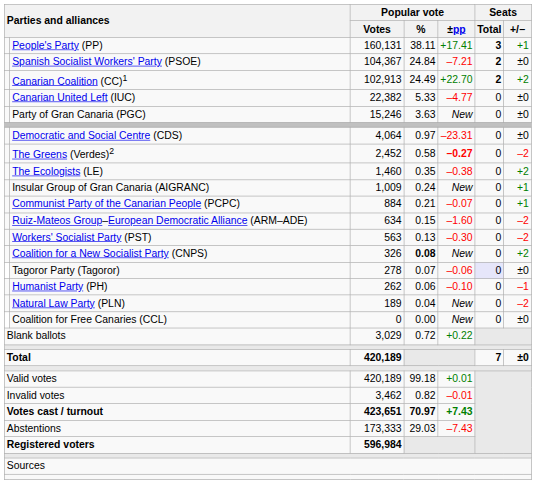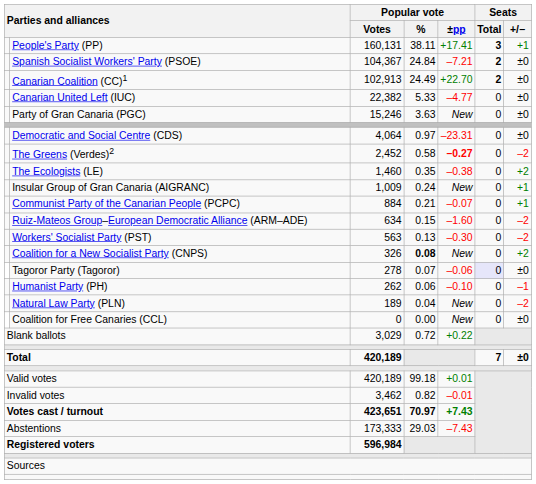 <table class="wikitable" style="text-align:right;">
 <tr>
 <th style="text-align:left;" rowspan="2" colspan="2" width="525">Parties and alliances</th>
 <th colspan="3">Popular vote</th>
 <th colspan="2">Seats</th>
 </tr>
 <tr>
 <th width="75">Votes</th>
 <th width="45">%</th>
 <th width="45">±<a href='#'>pp</a></th>
 <th width="35">Total</th>
 <th width="35">+/−</th>
 </tr>
 <tr>
 <td width="1" style="color:inherit;background:"></td>
 <td align="left"><a href='#'>People's Party</a> (PP)</td>
 <td>160,131</td>
 <td>38.11</td>
 <td style="color:green;">+17.41</td>
 <td><strong>3</strong></td>
 <td style="color:green;">+1</td>
 </tr>
 <tr>
 <td style="color:inherit;background:"></td>
 <td align="left"><a href='#'>Spanish Socialist Workers' Party</a> (PSOE)</td>
 <td>104,367</td>
 <td>24.84</td>
 <td style="color:red;">–7.21</td>
 <td><strong>2</strong></td>
 <td>±0</td>
 </tr>
 <tr>
 <td style="color:inherit;background:"></td>
 <td align="left"><a href='#'>Canarian Coalition</a> (CC)<sup>1</sup></td>
 <td>102,913</td>
 <td>24.49</td>
 <td style="color:green;">+22.70</td>
 <td><strong>2</strong></td>
-<td style="color:green;">+2</td>
+<td>±0</td>
 </tr>
 <tr>
 <td style="color:inherit;background:"></td>
 <td align="left"><a href='#'>Canarian United Left</a> (IUC)</td>
 <td>22,382</td>
 <td>5.33</td>
 <td style="color:red;">–4.77</td>
 <td>0</td>
 <td>±0</td>
 </tr>
 <tr>
 <td style="color:inherit;background:"></td>
 <td align="left">Party of Gran Canaria (PGC)</td>
 <td>15,246</td>
 <td>3.63</td>
 <td><em>New</em></td>
 <td>0</td>
 <td>±0</td>
 </tr>
 <tr>
 <td colspan="7" bgcolor="#C0C0C0"></td>
 </tr>
 <tr>
 <td style="color:inherit;background:"></td>
 <td align="left"><a href='#'>Democratic and Social Centre</a> (CDS)</td>
 <td>4,064</td>
 <td>0.97</td>
 <td style="color:red;">–23.31</td>
 <td>0</td>
 <td>±0</td>
 </tr>
 <tr>
 <td style="color:inherit;background:"></td>
 <td align="left"><a href='#'>The Greens</a> (Verdes)<sup>2</sup></td>
 <td>2,452</td>
 <td>0.58</td>
 <td style="color:red;"><strong>–0.27</strong></td>
 <td>0</td>
 <td style="color:red;">–2</td>
 </tr>
 <tr>
 <td style="color:inherit;background:"></td>
 <td align="left"><a href='#'>The Ecologists</a> (LE)</td>
 <td>1,460</td>
 <td>0.35</td>
 <td style="color:red;">–0.38</td>
 <td>0</td>
 <td style="color:green;">+2</td>
 </tr>
 <tr>
 <td style="color:inherit;background:"></td>
 <td align="left">Insular Group of Gran Canaria (AIGRANC)</td>
 <td>1,009</td>
 <td>0.24</td>
 <td><em>New</em></td>
 <td>0</td>
 <td style="color:green;">+1</td>
 </tr>
 <tr>
 <td style="color:inherit;background:"></td>
 <td align="left"><a href='#'>Communist Party of the Canarian People</a> (PCPC)</td>
 <td>884</td>
 <td>0.21</td>
 <td style="color:red;">–0.07</td>
 <td>0</td>
 <td style="color:green;">+1</td>
 </tr>
 <tr>
 <td style="color:inherit;background:"></td>
 <td align="left"><a href='#'>Ruiz-Mateos Group</a>–<a href='#'>European Democratic Alliance</a> (ARM–ADE)</td>
 <td>634</td>
 <td>0.15</td>
 <td style="color:red;">–1.60</td>
 <td>0</td>
 <td style="color:red;">–2</td>
 </tr>
 <tr>
 <td style="color:inherit;background:"></td>
 <td align="left"><a href='#'>Workers' Socialist Party</a> (PST)</td>
 <td>563</td>
 <td>0.13</td>
 <td style="color:red;">–0.30</td>
 <td>0</td>
 <td style="color:red;">–2</td>
 </tr>
 <tr>
 <td style="color:inherit;background:"></td>
 <td align="left"><a href='#'>Coalition for a New Socialist Party</a> (CNPS)</td>
 <td>326</td>
 <td><strong>0.08</strong></td>
 <td><em>New</em></td>
 <td>0</td>
 <td style="color:green;">+2</td>
 </tr>
 <tr>
 <td bgcolor="white"></td>
 <td align="left">Tagoror Party (Tagoror)</td>
 <td>278</td>
 <td>0.07</td>
 <td style="color:red;">–0.06</td>
 <td style="background: lavender;">0</td>
 <td>±0</td>
 </tr>
 <tr>
 <td style="color:inherit;background:"></td>
 <td align="left"><a href='#'>Humanist Party</a> (PH)</td>
 <td>262</td>
 <td>0.06</td>
 <td style="color:red;">–0.10</td>
 <td>0</td>
 <td style="color:red;">–1</td>
 </tr>
 <tr>
 <td style="color:inherit;background:"></td>
 <td align="left"><a href='#'>Natural Law Party</a> (PLN)</td>
 <td>189</td>
 <td>0.04</td>
 <td><em>New</em></td>
 <td>0</td>
 <td style="color:red;">–2</td>
 </tr>
 <tr>
 <td bgcolor="white"></td>
 <td align="left">Coalition for Free Canaries (CCL)</td>
 <td>0</td>
 <td>0.00</td>
 <td><em>New</em></td>
 <td>0</td>
 <td>±0</td>
 </tr>
 <tr>
 <td align="left" colspan="2">Blank ballots</td>
 <td>3,029</td>
 <td>0.72</td>
 <td style="color:green;">+0.22</td>
 <td bgcolor="#E9E9E9" colspan="2"></td>
 </tr>
 <tr>
 <td colspan="7" bgcolor="#E9E9E9"></td>
 </tr>
 <tr style="font-weight:bold;">
 <td align="left" colspan="2">Total</td>
 <td>420,189</td>
 <td bgcolor="#E9E9E9" colspan="2"></td>
 <td>7</td>
 <td>±0</td>
 </tr>
 <tr>
 <td colspan="7" bgcolor="#E9E9E9"></td>
 </tr>
 <tr>
 <td align="left" colspan="2">Valid votes</td>
 <td>420,189</td>
 <td>99.18</td>
 <td style="color:green;">+0.01</td>
 <td bgcolor="#E9E9E9" colspan="2" rowspan="5"></td>
 </tr>
 <tr>
 <td align="left" colspan="2">Invalid votes</td>
 <td>3,462</td>
 <td>0.82</td>
 <td style="color:red;">–0.01</td>
 </tr>
 <tr style="font-weight:bold;">
 <td align="left" colspan="2">Votes cast / turnout</td>
 <td>423,651</td>
 <td>70.97</td>
 <td style="color:green;">+7.43</td>
 </tr>
 <tr>
 <td align="left" colspan="2">Abstentions</td>
 <td>173,333</td>
 <td>29.03</td>
 <td style="color:red;">–7.43</td>
 </tr>
 <tr style="font-weight:bold;">
 <td align="left" colspan="2">Registered voters</td>
 <td>596,984</td>
 <td bgcolor="#E9E9E9" colspan="2"></td>
 </tr>
 <tr>
 <td colspan="7" bgcolor="#E9E9E9"></td>
 </tr>
 <tr>
 <td align="left" colspan="7">Sources</td>
 </tr>
 <tr>
 <td colspan="7" style="text-align:left; max-width:790px;"></td>
 </tr>
 </table>
